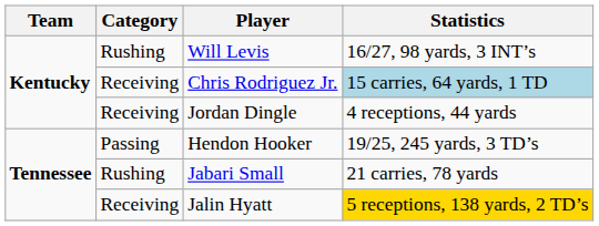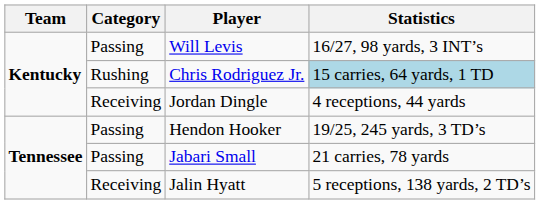 <table class="wikitable" style="float: right;">
 <tr>
 <th>Team</th>
 <th>Category</th>
 <th>Player</th>
 <th>Statistics</th>
 </tr>
 <tr>
 <td rowspan=3><strong>Kentucky</strong></td>
-<td>Rushing</td>
+<td>Passing</td>
 <td><a href='#'>Will Levis</a></td>
 <td>16/27, 98 yards, 3 INT’s</td>
 </tr>
 <tr>
-<td>Receiving</td>
+<td>Rushing</td>
 <td><a href='#'>Chris Rodriguez Jr.</a></td>
 <td style="background: lightblue;">15 carries, 64 yards, 1 TD</td>
 </tr>
 <tr>
 <td>Receiving</td>
 <td>Jordan Dingle</td>
 <td>4 receptions, 44 yards</td>
 </tr>
 <tr>
 <td rowspan=3><strong>Tennessee</strong></td>
 <td>Passing</td>
 <td>Hendon Hooker</td>
 <td>19/25, 245 yards, 3 TD’s</td>
 </tr>
 <tr>
-<td>Rushing</td>
+<td>Passing</td>
 <td><a href='#'>Jabari Small</a></td>
 <td>21 carries, 78 yards</td>
 </tr>
 <tr>
 <td>Receiving</td>
 <td>Jalin Hyatt</td>
-<td style="background: gold;">5 receptions, 138 yards, 2 TD’s</td>
+<td>5 receptions, 138 yards, 2 TD’s</td>
 </tr>
 </table>
